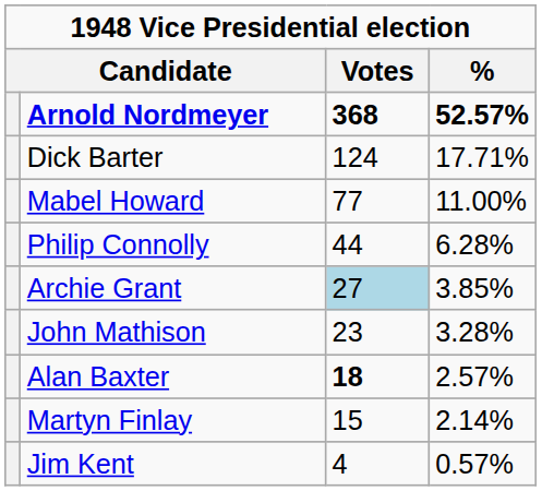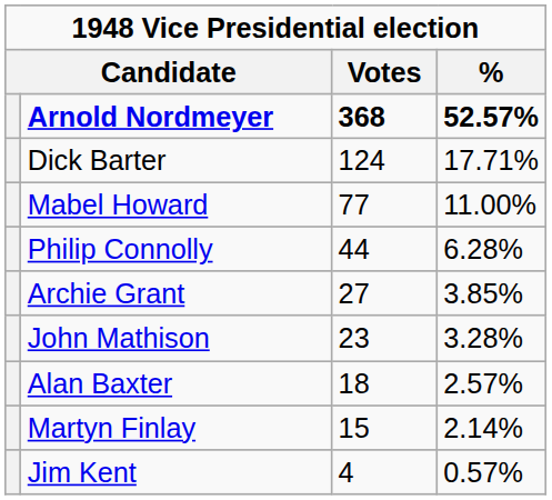 <table class="wikitable" style="font-size: 95%;">
 <tr>
 <td colspan=4 style="text-align:center;"><strong>1948 Vice Presidential election</strong></td>
 </tr>
 <tr style="background-color:#E9E9E9">
 <th colspan="2" style="width: 170px">Candidate</th>
 <th style="width: 50px">Votes</th>
 <th style="width: 40px">%</th>
 </tr>
 <tr>
 <th style="background-color: "></th>
 <td><strong><a href='#'>Arnold Nordmeyer</a></strong></td>
 <td><strong>368</strong></td>
 <td><strong>52.57%</strong></td>
 </tr>
 <tr>
 <th style="background-color: "></th>
 <td>Dick Barter</td>
 <td>124</td>
 <td>17.71%</td>
 </tr>
 <tr>
 <th style="background-color: "></th>
 <td><a href='#'>Mabel Howard</a></td>
 <td>77</td>
 <td>11.00%</td>
 </tr>
 <tr>
 <th style="background-color: "></th>
 <td><a href='#'>Philip Connolly</a></td>
 <td>44</td>
 <td>6.28%</td>
 </tr>
 <tr>
 <th style="background-color: "></th>
 <td><a href='#'>Archie Grant</a></td>
-<td style="background: lightblue;">27</td>
+<td>27</td>
 <td>3.85%</td>
 </tr>
 <tr>
 <th style="background-color: "></th>
 <td><a href='#'>John Mathison</a></td>
 <td>23</td>
 <td>3.28%</td>
 </tr>
 <tr>
 <th style="background-color: "></th>
 <td><a href='#'>Alan Baxter</a></td>
-<td><strong>18</strong></td>
+<td>18</td>
 <td>2.57%</td>
 </tr>
 <tr>
 <th style="background-color: "></th>
 <td><a href='#'>Martyn Finlay</a></td>
 <td>15</td>
 <td>2.14%</td>
 </tr>
 <tr>
 <th style="background-color: "></th>
 <td><a href='#'>Jim Kent</a></td>
 <td>4</td>
 <td>0.57%</td>
 </tr>
 </table>
